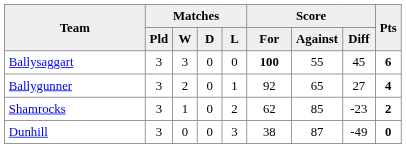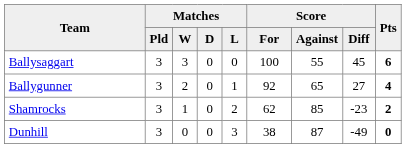 <table style=border-collapse:collapse border=1 cellspacing=0 cellpadding=5>
 <tr align=center bgcolor=#efefef>
 <th rowspan=2 width=165>Team</th>
 <th colspan=4>Matches</th>
 <th colspan=3>Score</th>
 <th rowspan=2width=20>Pts</th>
 </tr>
 <tr align=center bgcolor=#efefef>
 <th width=20>Pld</th>
 <th width=20>W</th>
 <th width=20>D</th>
 <th width=20>L</th>
 <th width=45>For</th>
 <th width=45>Against</th>
 <th width=30>Diff</th>
 </tr>
 <tr align=center>
 <td style="text-align:left;"><a href='#'>Ballysaggart</a></td>
 <td>3</td>
 <td>3</td>
 <td>0</td>
 <td>0</td>
-<td><strong>100</strong></td>
+<td>100</td>
 <td>55</td>
 <td>45</td>
 <td><strong>6</strong></td>
 </tr>
 <tr align=center>
 <td style="text-align:left;"><a href='#'>Ballygunner</a></td>
 <td>3</td>
 <td>2</td>
 <td>0</td>
 <td>1</td>
 <td>92</td>
 <td>65</td>
 <td>27</td>
 <td><strong>4</strong></td>
 </tr>
 <tr align=center>
 <td style="text-align:left;"><a href='#'>Shamrocks</a></td>
 <td>3</td>
 <td>1</td>
 <td>0</td>
 <td>2</td>
 <td>62</td>
 <td>85</td>
 <td>-23</td>
 <td><strong>2</strong></td>
 </tr>
 <tr align=center>
 <td style="text-align:left;"><a href='#'>Dunhill</a></td>
 <td>3</td>
 <td>0</td>
 <td>0</td>
 <td>3</td>
 <td>38</td>
 <td>87</td>
 <td>-49</td>
 <td><strong>0</strong></td>
 </tr>
 </table>
